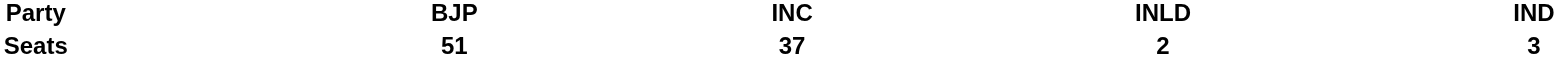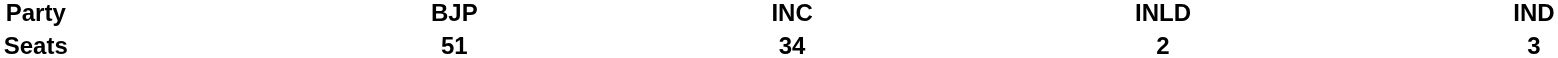 <table style="width:80%; text-align:center;">
 <tr>
 <th><strong>Party</strong></th>
 <td><strong>BJP</strong></td>
 <td><strong>INC</strong></td>
 <td><strong>INLD</strong></td>
 <td><strong>IND</strong></td>
 </tr>
 <tr>
 <th><strong>Seats</strong></th>
 <td><strong>51</strong></td>
-<td><strong>37</strong></td>
+<td><strong>34</strong></td>
 <td><strong>2</strong></td>
 <td><strong>3</strong></td>
 </tr>
 </table>
